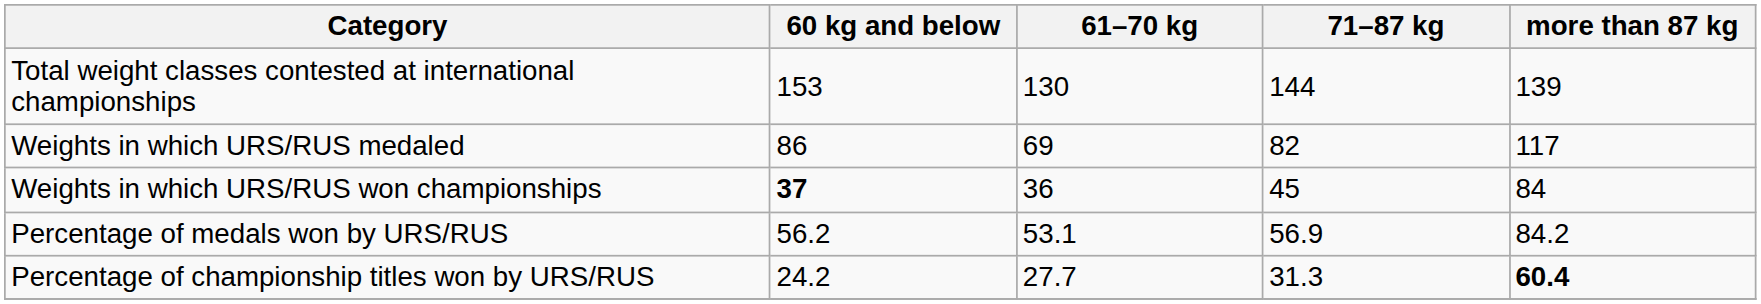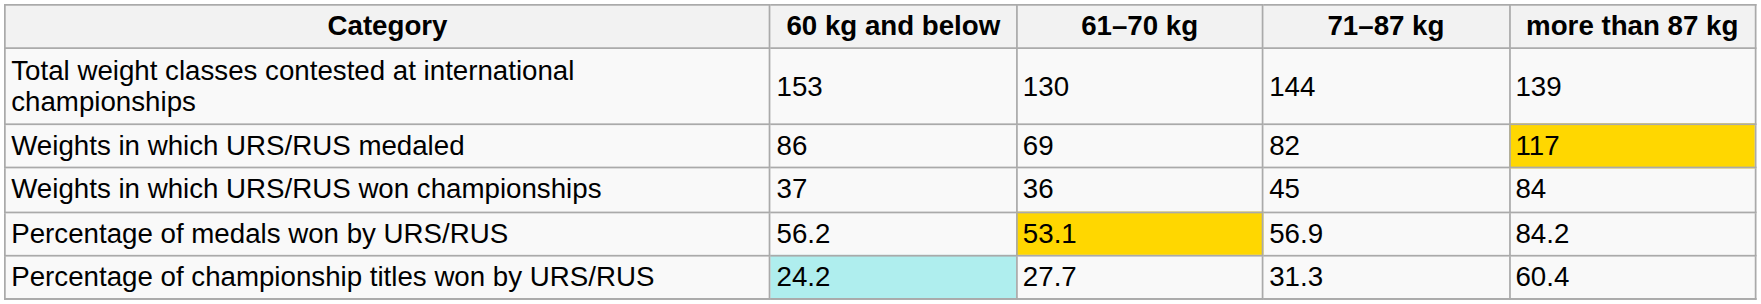 <table class="wikitable sortable" style="font-size: 100%">
 <tr>
 <th width=435>Category</th>
 <th width=135>60 kg and below</th>
 <th width=135>61–70 kg</th>
 <th width=135>71–87 kg</th>
 <th width=135>more than 87 kg</th>
 </tr>
 <tr>
 <td>Total weight classes contested at international championships</td>
 <td>153</td>
 <td>130</td>
 <td>144</td>
 <td>139</td>
 </tr>
 <tr>
 <td>Weights in which URS/RUS medaled</td>
 <td>86</td>
 <td>69</td>
 <td>82</td>
-<td>117</td>
+<td style="background: gold;">117</td>
 </tr>
 <tr>
 <td>Weights in which URS/RUS won championships</td>
-<td><strong>37</strong></td>
+<td>37</td>
 <td>36</td>
 <td>45</td>
 <td>84</td>
 </tr>
 <tr>
 <td>Percentage of medals won by URS/RUS</td>
 <td>56.2</td>
-<td>53.1</td>
+<td style="background: gold;">53.1</td>
 <td>56.9</td>
 <td>84.2</td>
 </tr>
 <tr>
 <td>Percentage of championship titles won by URS/RUS</td>
-<td>24.2</td>
+<td style="background: paleturquoise;">24.2</td>
 <td>27.7</td>
 <td>31.3</td>
-<td><strong>60.4</strong></td>
+<td>60.4</td>
 </tr>
 <tr>
 </tr>
 </table>
